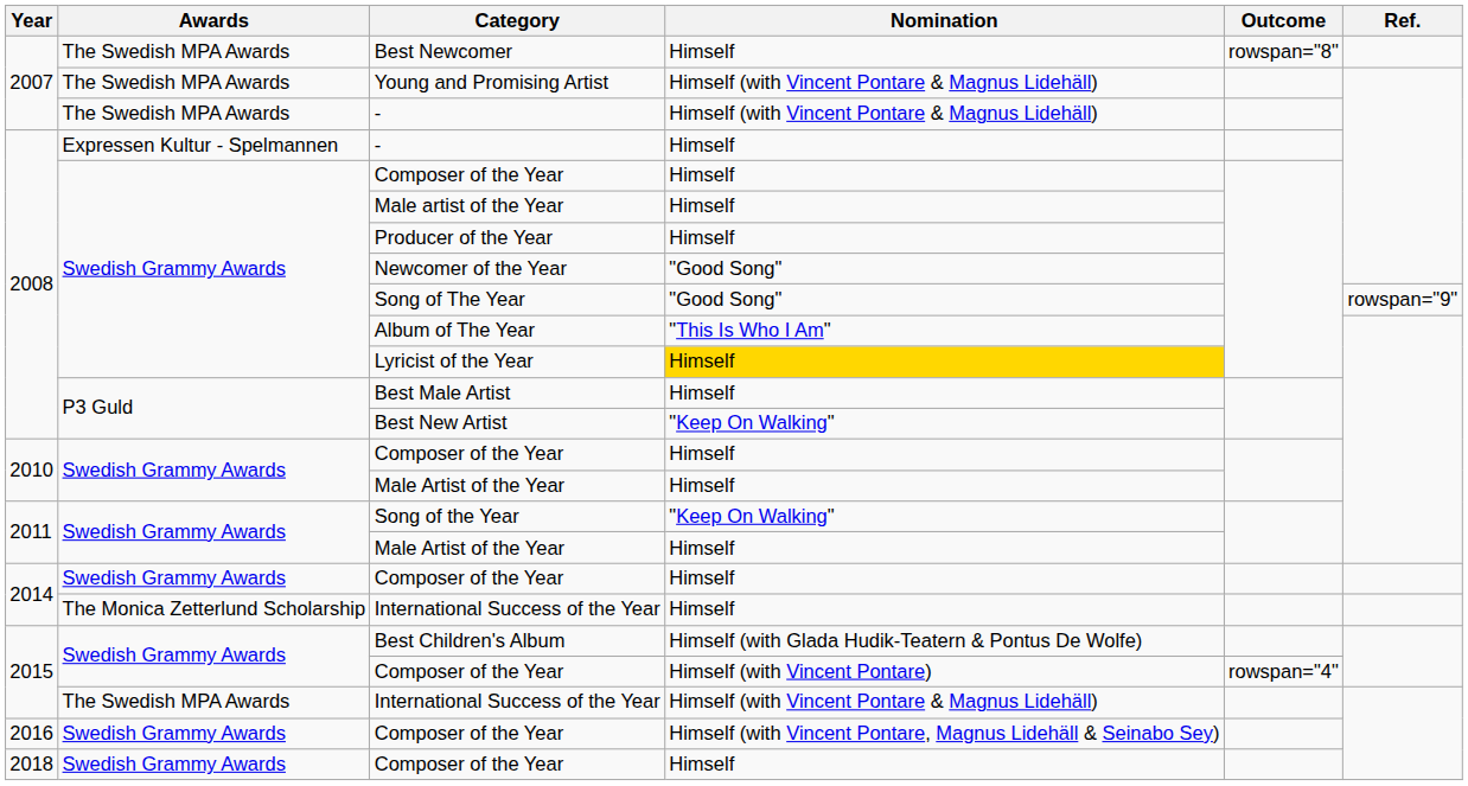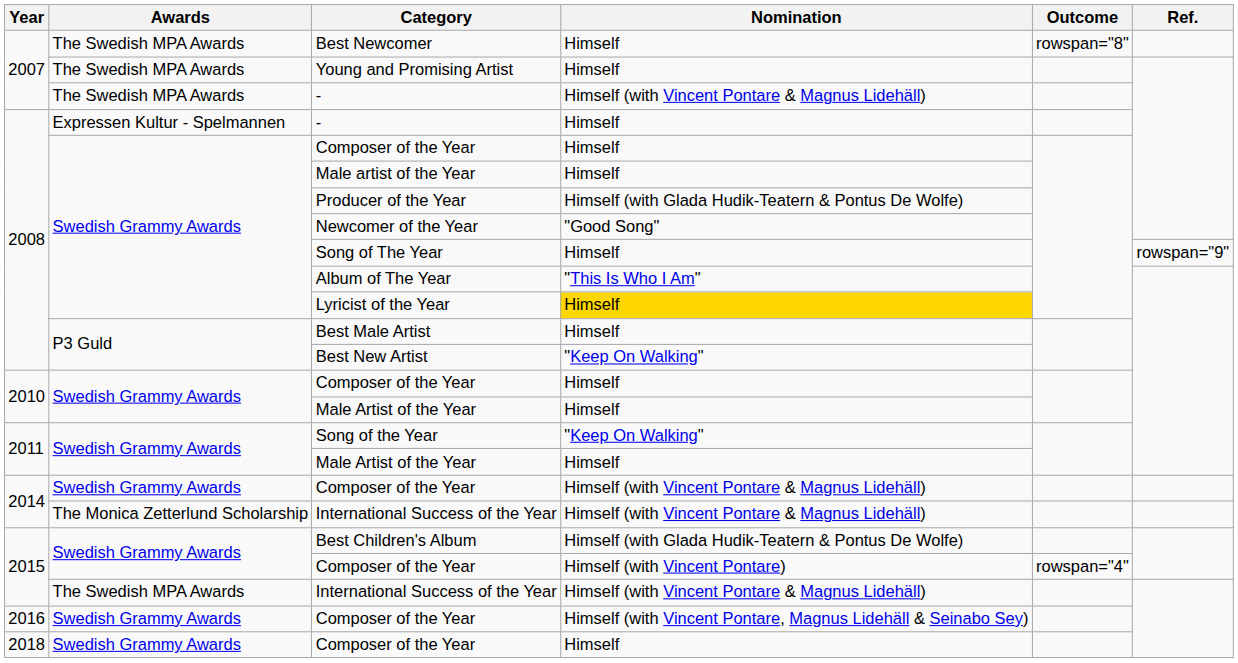 <table class="wikitable sortable">
 <tr>
 <th>Year</th>
 <th>Awards</th>
 <th>Category</th>
 <th>Nomination</th>
 <th>Outcome</th>
 <th>Ref.</th>
 </tr>
 <tr>
 <td rowspan="3">2007</td>
 <td>The Swedish MPA Awards</td>
 <td>Best Newcomer</td>
 <td>Himself</td>
 <td>rowspan="8" </td>
 <td></td>
 </tr>
 <tr>
 <td>The Swedish MPA Awards</td>
 <td>Young and Promising Artist</td>
-<td>Himself (with <a href='#'>Vincent Pontare</a> & <a href='#'>Magnus Lidehäll</a>)</td>
+<td>Himself</td>
 <td></td>
 </tr>
 <tr>
 <td>The Swedish MPA Awards</td>
 <td>-</td>
 <td>Himself (with <a href='#'>Vincent Pontare</a> & <a href='#'>Magnus Lidehäll</a>)</td>
 <td></td>
 </tr>
 <tr>
 <td rowspan="10">2008</td>
 <td>Expressen Kultur - Spelmannen</td>
 <td>-</td>
 <td>Himself</td>
 <td></td>
 </tr>
 <tr>
 <td rowspan="7"><a href='#'>Swedish Grammy Awards</a></td>
 <td>Composer of the Year</td>
 <td>Himself</td>
 <td rowspan="7"></td>
 </tr>
 <tr>
 <td>Male artist of the Year</td>
 <td>Himself</td>
 </tr>
 <tr>
 <td>Producer of the Year</td>
-<td>Himself</td>
+<td>Himself (with Glada Hudik-Teatern & Pontus De Wolfe)</td>
 </tr>
 <tr>
 <td>Newcomer of the Year</td>
 <td>"Good Song"</td>
 </tr>
 <tr>
 <td>Song of The Year</td>
-<td>"Good Song"</td>
+<td>Himself</td>
 <td>rowspan="9" </td>
 </tr>
 <tr>
 <td>Album of The Year</td>
 <td>"<a href='#'>This Is Who I Am</a>"</td>
 </tr>
 <tr>
 <td>Lyricist of the Year</td>
 <td style="background: gold;">Himself</td>
 </tr>
 <tr>
 <td rowspan="2">P3 Guld</td>
 <td>Best Male Artist</td>
 <td>Himself</td>
 <td rowspan="2"></td>
 </tr>
 <tr>
 <td>Best New Artist</td>
 <td>"<a href='#'>Keep On Walking</a>"</td>
 </tr>
 <tr>
 <td rowspan="2">2010</td>
 <td rowspan="2"><a href='#'>Swedish Grammy Awards</a></td>
 <td>Composer of the Year</td>
 <td>Himself</td>
 <td rowspan="2"></td>
 </tr>
 <tr>
 <td>Male Artist of the Year</td>
 <td>Himself</td>
 </tr>
 <tr>
 <td rowspan="2">2011</td>
 <td rowspan="2"><a href='#'>Swedish Grammy Awards</a></td>
 <td>Song of the Year</td>
 <td>"<a href='#'>Keep On Walking</a>"</td>
 <td rowspan="2"></td>
 </tr>
 <tr>
 <td>Male Artist of the Year</td>
 <td>Himself</td>
 </tr>
 <tr>
 <td rowspan="2">2014</td>
 <td><a href='#'>Swedish Grammy Awards</a></td>
 <td>Composer of the Year</td>
-<td>Himself</td>
+<td>Himself (with <a href='#'>Vincent Pontare</a> & <a href='#'>Magnus Lidehäll</a>)</td>
 <td></td>
 <td></td>
 </tr>
 <tr>
 <td>The Monica Zetterlund Scholarship</td>
 <td>International Success of the Year</td>
-<td>Himself</td>
+<td>Himself (with <a href='#'>Vincent Pontare</a> & <a href='#'>Magnus Lidehäll</a>)</td>
 <td></td>
 <td></td>
 </tr>
 <tr>
 <td rowspan="3">2015</td>
 <td rowspan="2"><a href='#'>Swedish Grammy Awards</a></td>
 <td>Best Children's Album</td>
 <td>Himself (with Glada Hudik-Teatern & Pontus De Wolfe)</td>
 <td></td>
 <td rowspan="2"></td>
 </tr>
 <tr>
 <td>Composer of the Year</td>
 <td>Himself (with <a href='#'>Vincent Pontare</a>)</td>
 <td>rowspan="4" </td>
 </tr>
 <tr>
 <td>The Swedish MPA Awards</td>
 <td>International Success of the Year</td>
 <td>Himself (with <a href='#'>Vincent Pontare</a> & <a href='#'>Magnus Lidehäll</a>)</td>
 <td></td>
 </tr>
 <tr>
 <td>2016</td>
 <td><a href='#'>Swedish Grammy Awards</a></td>
 <td>Composer of the Year</td>
 <td>Himself (with <a href='#'>Vincent Pontare</a>, <a href='#'>Magnus Lidehäll</a> & <a href='#'>Seinabo Sey</a>)</td>
 <td></td>
 </tr>
 <tr>
 <td>2018</td>
 <td><a href='#'>Swedish Grammy Awards</a></td>
 <td>Composer of the Year</td>
 <td>Himself</td>
 <td></td>
 </tr>
 </table>
